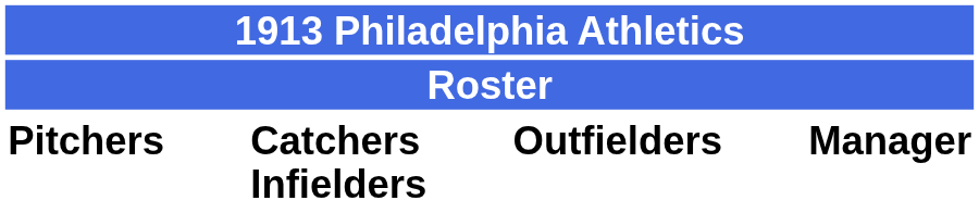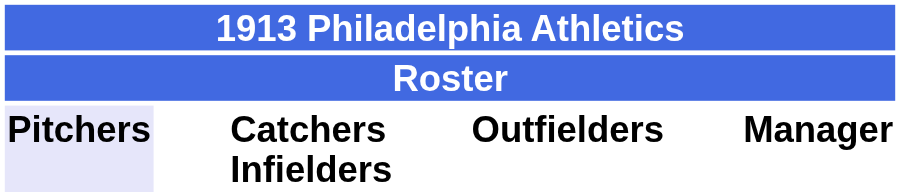 <table class="toccolours" style="font-size: 95%;">
 <tr>
 <th colspan="10" style="background-color: #4169e1; color: white; text-align: center;">1913 Philadelphia Athletics</th>
 </tr>
 <tr>
 <td colspan="10" style="background-color: #4169e1; color: white; text-align: center;"><strong>Roster</strong></td>
 </tr>
 <tr>
-<td valign="top"><strong>Pitchers</strong><br>             </td>
+<td valign="top" style="background: lavender;"><strong>Pitchers</strong><br>             </td>
 <td width="25px"></td>
 <td valign="top"><strong>Catchers</strong><br>     <strong>Infielders</strong>          </td>
 <td width="25px"></td>
 <td valign="top"><strong>Outfielders</strong><br>      </td>
 <td width="25px"></td>
 <td valign="top"><strong>Manager</strong><br></td>
 </tr>
 </table>
